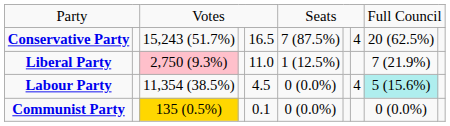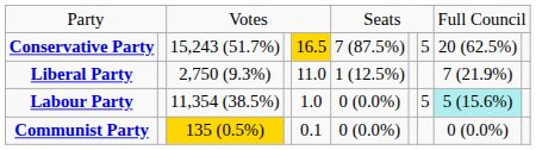 <table class=wikitable style="text-align:center;">
 <tr>
 <td colspan=2>Party</td>
 <td colspan=3>Votes</td>
 <td colspan=3>Seats</td>
 <td colspan=3>Full Council</td>
 </tr>
 <tr>
 <td><strong><a href='#'>Conservative Party</a></strong></td>
 <td style="background:"></td>
 <td>15,243 (51.7%)</td>
 <td></td>
-<td> 16.5</td>
+<td style="background: gold;"> 16.5</td>
 <td>7 (87.5%)</td>
 <td></td>
-<td> 4</td>
+<td> 5</td>
 <td>20 (62.5%)</td>
 <td></td>
 </tr>
 <tr>
 <td><strong><a href='#'>Liberal Party</a></strong></td>
 <td style="background:"></td>
-<td style="background: pink;">2,750 (9.3%)</td>
+<td>2,750 (9.3%)</td>
 <td></td>
 <td> 11.0</td>
 <td>1 (12.5%)</td>
 <td></td>
 <td></td>
 <td>7 (21.9%)</td>
 <td></td>
 </tr>
 <tr>
 <td><strong><a href='#'>Labour Party</a></strong></td>
 <td style="background:"></td>
 <td>11,354 (38.5%)</td>
 <td></td>
-<td> 4.5</td>
+<td> 1.0</td>
 <td>0 (0.0%)</td>
 <td></td>
-<td> 4</td>
+<td> 5</td>
 <td style="background: paleturquoise;">5 (15.6%)</td>
 <td></td>
 </tr>
 <tr>
 <td><strong><a href='#'>Communist Party</a></strong></td>
 <td style="background:"></td>
 <td style="background: gold;">135 (0.5%)</td>
 <td></td>
 <td> 0.1</td>
 <td>0 (0.0%)</td>
 <td></td>
 <td></td>
 <td>0 (0.0%)</td>
 <td></td>
 </tr>
 </table>
